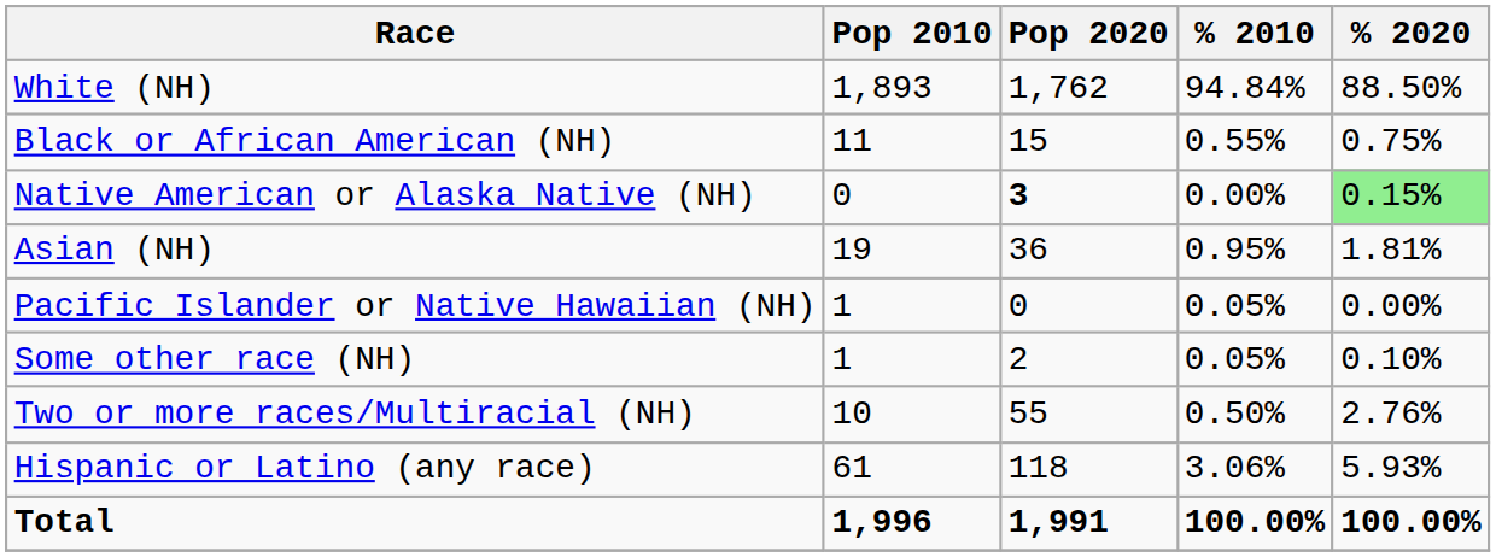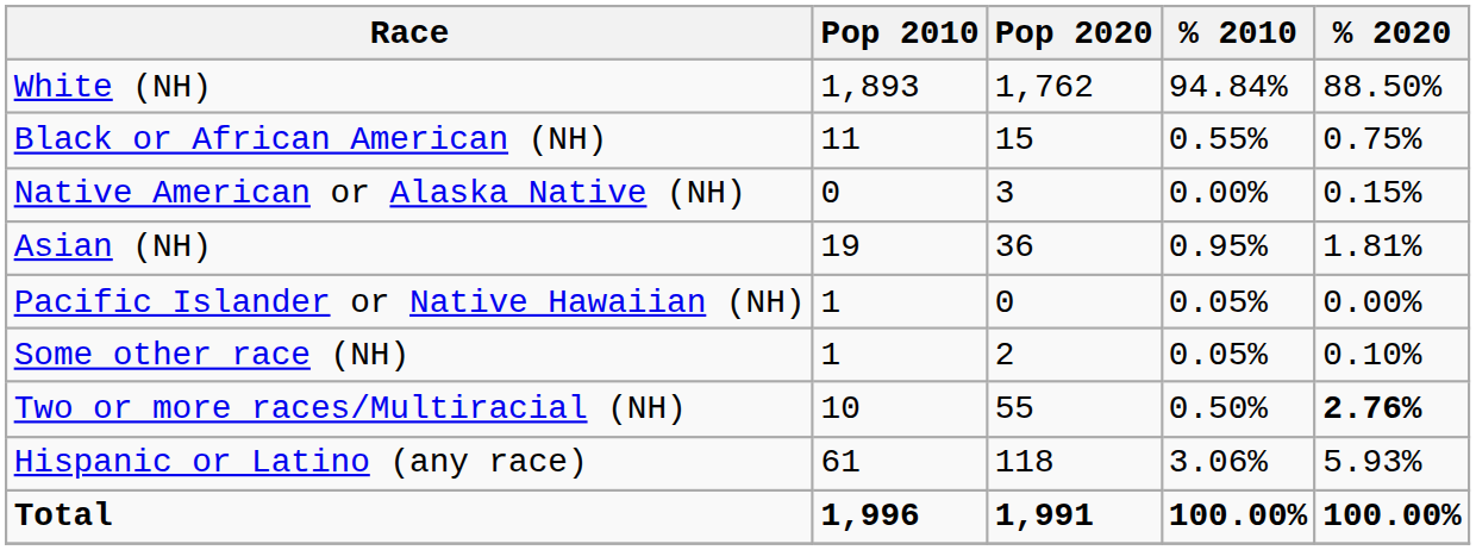 <table class="wikitable">
 <tr>
 <th>Race</th>
 <th>Pop 2010</th>
 <th>Pop 2020</th>
 <th>% 2010</th>
 <th>% 2020</th>
 </tr>
 <tr>
 <td><a href='#'>White</a> (NH)</td>
 <td>1,893</td>
 <td>1,762</td>
 <td>94.84%</td>
 <td>88.50%</td>
 </tr>
 <tr>
 <td><a href='#'>Black or African American</a> (NH)</td>
 <td>11</td>
 <td>15</td>
 <td>0.55%</td>
 <td>0.75%</td>
 </tr>
 <tr>
 <td><a href='#'>Native American</a> or <a href='#'>Alaska Native</a> (NH)</td>
 <td>0</td>
-<td><strong>3</strong></td>
+<td>3</td>
 <td>0.00%</td>
-<td style="background: lightgreen;">0.15%</td>
+<td>0.15%</td>
 </tr>
 <tr>
 <td><a href='#'>Asian</a> (NH)</td>
 <td>19</td>
 <td>36</td>
 <td>0.95%</td>
 <td>1.81%</td>
 </tr>
 <tr>
 <td><a href='#'>Pacific Islander</a> or <a href='#'>Native Hawaiian</a> (NH)</td>
 <td>1</td>
 <td>0</td>
 <td>0.05%</td>
 <td>0.00%</td>
 </tr>
 <tr>
 <td><a href='#'>Some other race</a> (NH)</td>
 <td>1</td>
 <td>2</td>
 <td>0.05%</td>
 <td>0.10%</td>
 </tr>
 <tr>
 <td><a href='#'>Two or more races/Multiracial</a> (NH)</td>
 <td>10</td>
 <td>55</td>
 <td>0.50%</td>
-<td>2.76%</td>
+<td><strong>2.76%</strong></td>
 </tr>
 <tr>
 <td><a href='#'>Hispanic or Latino</a> (any race)</td>
 <td>61</td>
 <td>118</td>
 <td>3.06%</td>
 <td>5.93%</td>
 </tr>
 <tr>
 <td><strong>Total</strong></td>
 <td><strong>1,996</strong></td>
 <td><strong>1,991</strong></td>
 <td><strong>100.00%</strong></td>
 <td><strong>100.00%</strong></td>
 </tr>
 <tr>
 </tr>
 </table>
